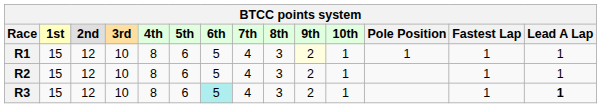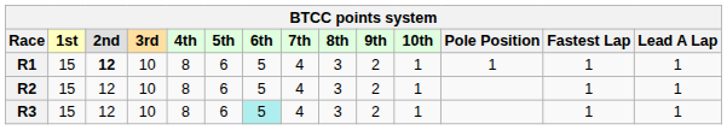 <table class="wikitable" style="font-size:95%; text-align:center">
 <tr>
 <th colspan="14">BTCC points system</th>
 </tr>
 <tr>
 <th>Race</th>
 <td style="background:#ffffbf;"> <strong>1st</strong> </td>
 <td style="background:#dfdfdf;"> <strong>2nd</strong> </td>
 <td style="background:#ffdf9f;"> <strong>3rd</strong> </td>
 <td style="background:#dfffdf;"> <strong>4th</strong> </td>
 <td style="background:#dfffdf;"> <strong>5th</strong> </td>
 <td style="background:#dfffdf;"> <strong>6th</strong> </td>
 <td style="background:#dfffdf;"> <strong>7th</strong> </td>
 <td style="background:#dfffdf;"> <strong>8th</strong> </td>
 <td style="background:#dfffdf;"> <strong>9th</strong> </td>
 <td style="background:#dfffdf;"> <strong>10th</strong> </td>
 <th>Pole Position</th>
 <th>Fastest Lap</th>
 <th>Lead A Lap</th>
 </tr>
 <tr>
 <th>R1</th>
 <td>15</td>
-<td>12</td>
+<td><strong>12</strong></td>
 <td>10</td>
 <td>8</td>
 <td>6</td>
 <td>5</td>
 <td>4</td>
 <td>3</td>
-<td style="background: lightyellow;">2</td>
+<td>2</td>
 <td>1</td>
 <td>1</td>
 <td>1</td>
 <td>1</td>
 </tr>
 <tr>
 <th>R2</th>
 <td>15</td>
 <td>12</td>
 <td>10</td>
 <td>8</td>
 <td>6</td>
 <td>5</td>
 <td>4</td>
 <td>3</td>
 <td>2</td>
 <td>1</td>
 <td></td>
 <td>1</td>
 <td>1</td>
 </tr>
 <tr>
 <th>R3</th>
 <td>15</td>
 <td>12</td>
 <td>10</td>
 <td>8</td>
 <td>6</td>
 <td style="background: paleturquoise;">5</td>
 <td>4</td>
 <td>3</td>
 <td>2</td>
 <td>1</td>
 <td></td>
 <td>1</td>
-<td><strong>1</strong></td>
+<td>1</td>
 </tr>
 </table>
